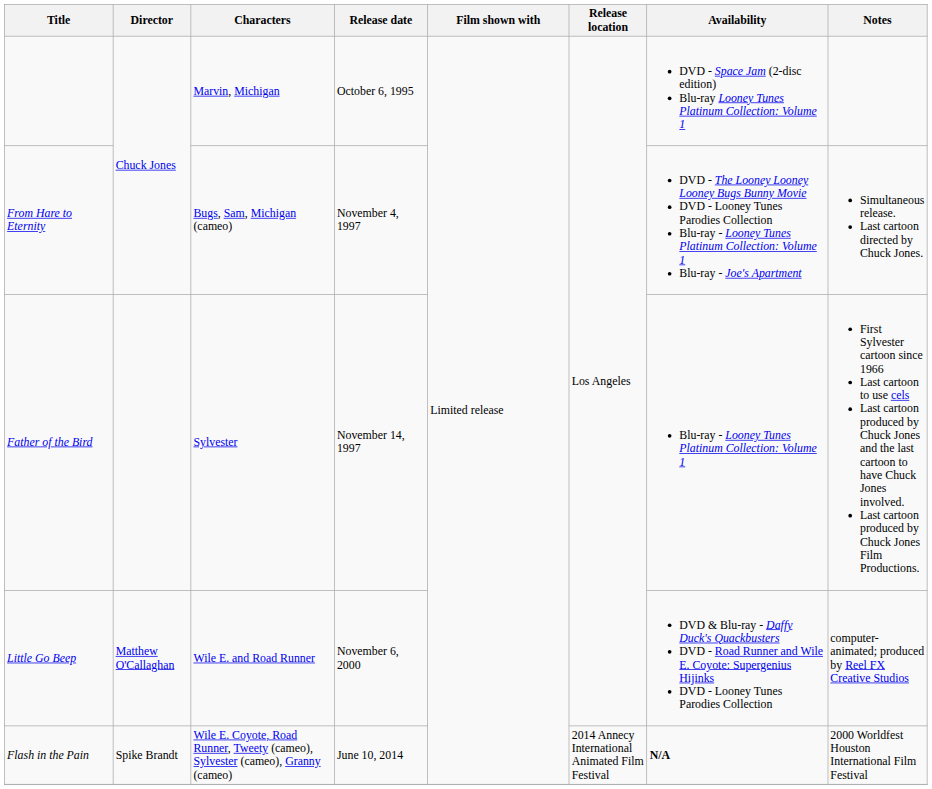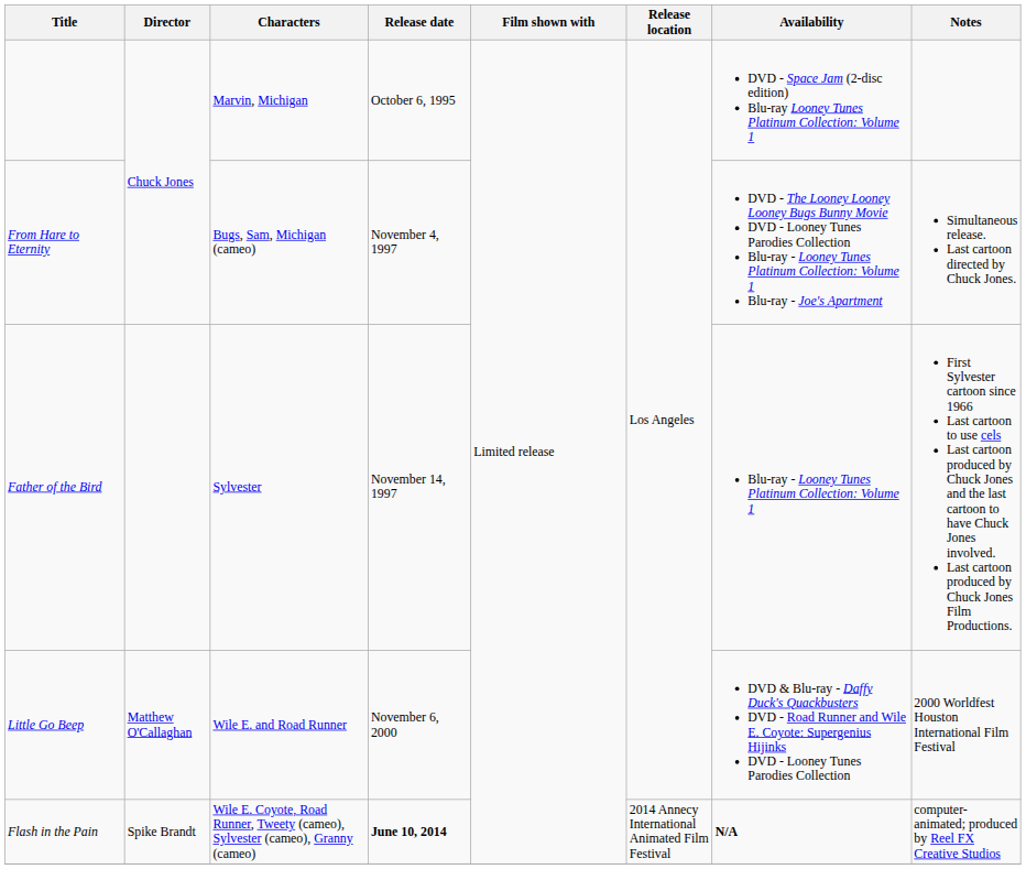 <table class="wikitable sortable">
 <tr>
 <th scope="col" style="width: 150px;">Title</th>
 <th scope="col" style="width: 100px;">Director</th>
 <th scope="col" style="width: 200px;">Characters</th>
 <th scope="col" style="width: 125px;">Release date</th>
 <th scope="col" style="width: 200px;">Film shown with</th>
 <th scope="col" style="width: 100px;">Release location</th>
 <th scope="col" style="width: 250px;">Availability</th>
 <th>Notes</th>
 </tr>
 <tr>
 <td></td>
 <td rowspan="2"><a href='#'>Chuck Jones</a></td>
 <td><a href='#'>Marvin</a>, <a href='#'>Michigan</a></td>
 <td>October 6, 1995</td>
 <td rowspan="5">Limited release</td>
 <td rowspan="4">Los Angeles</td>
 <td><br><ul><li>DVD - <em><a href='#'>Space Jam</a></em> (2-disc edition)</li><li>Blu-ray <em><a href='#'>Looney Tunes Platinum Collection: Volume 1</a></em></li></ul></td>
 <td></td>
 </tr>
 <tr>
 <td><em><a href='#'>From Hare to Eternity</a></em></td>
 <td><a href='#'>Bugs</a>, <a href='#'>Sam</a>, <a href='#'>Michigan</a> (cameo)</td>
 <td>November 4, 1997</td>
 <td><br><ul><li>DVD - <em><a href='#'>The Looney Looney Looney Bugs Bunny Movie</a></em></li><li>DVD - Looney Tunes Parodies Collection</li><li>Blu-ray - <em><a href='#'>Looney Tunes Platinum Collection: Volume 1</a></em></li><li>Blu-ray - <em><a href='#'>Joe's Apartment</a></em></li></ul></td>
 <td><br><ul><li>Simultaneous release.</li><li>Last cartoon directed by Chuck Jones.</li></ul></td>
 </tr>
 <tr>
 <td><em><a href='#'>Father of the Bird</a></em></td>
 <td></td>
 <td><a href='#'>Sylvester</a></td>
 <td>November 14, 1997</td>
 <td><br><ul><li>Blu-ray - <em><a href='#'>Looney Tunes Platinum Collection: Volume 1</a></em></li></ul></td>
 <td><br><ul><li>First Sylvester cartoon since 1966</li><li>Last cartoon to use <a href='#'>cels</a></li><li>Last cartoon produced by Chuck Jones and the last cartoon to have Chuck Jones involved.</li><li>Last cartoon produced by Chuck Jones Film Productions.</li></ul></td>
 </tr>
 <tr>
 <td><em><a href='#'>Little Go Beep</a></em></td>
 <td><a href='#'>Matthew O'Callaghan</a></td>
 <td><a href='#'>Wile E. and Road Runner</a></td>
 <td>November 6, 2000</td>
 <td><br><ul><li>DVD & Blu-ray - <em><a href='#'>Daffy Duck's Quackbusters</a></em></li><li>DVD - <a href='#'>Road Runner and Wile E. Coyote: Supergenius Hijinks</a></li><li>DVD - Looney Tunes Parodies Collection</li></ul></td>
-<td>computer-animated; produced by <a href='#'>Reel FX Creative Studios</a></td>
+<td>2000 Worldfest Houston International Film Festival</td>
 </tr>
 <tr>
 <td><em>Flash in the Pain</em></td>
 <td>Spike Brandt</td>
 <td><a href='#'>Wile E. Coyote, Road Runner</a>, <a href='#'>Tweety</a> (cameo), <a href='#'>Sylvester</a> (cameo), <a href='#'>Granny</a> (cameo)</td>
-<td>June 10, 2014</td>
+<td><strong>June 10, 2014</strong></td>
 <td>2014 Annecy International Animated Film Festival</td>
 <td><strong>N/A</strong></td>
-<td>2000 Worldfest Houston International Film Festival</td>
+<td>computer-animated; produced by <a href='#'>Reel FX Creative Studios</a></td>
 </tr>
 <tr>
 </tr>
 </table>
